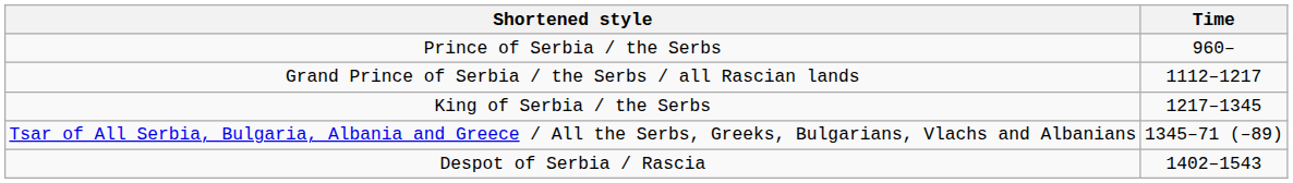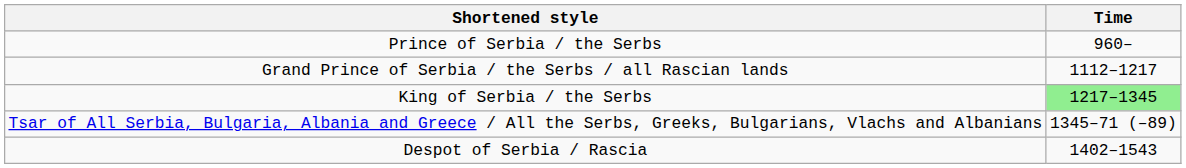 <table class="wikitable" style="text-align:center">
 <tr>
 <th>Shortened style</th>
 <th>Time</th>
 </tr>
 <tr>
 <td>Prince of Serbia / the Serbs</td>
 <td> 960–</td>
 </tr>
 <tr>
 <td>Grand Prince of Serbia / the Serbs / all Rascian lands</td>
 <td>1112–1217</td>
 </tr>
 <tr>
 <td>King of Serbia / the Serbs</td>
-<td>1217–1345</td>
+<td style="background: lightgreen;">1217–1345</td>
 </tr>
 <tr>
 <td><a href='#'>Tsar of All Serbia, Bulgaria, Albania and Greece</a> / All the Serbs, Greeks, Bulgarians, Vlachs and Albanians</td>
 <td>1345–71 (–89)</td>
 </tr>
 <tr>
 <td>Despot of Serbia / Rascia</td>
 <td>1402–1543</td>
 </tr>
 </table>
